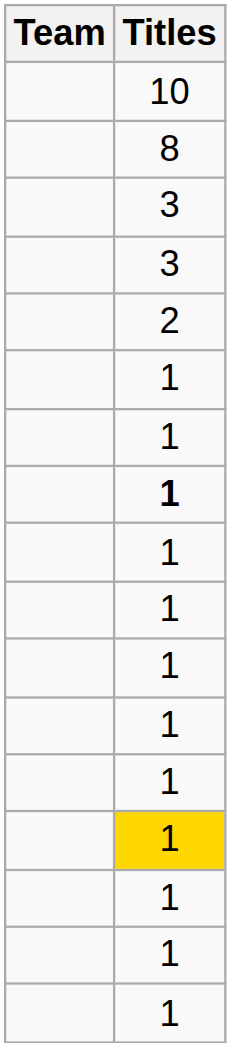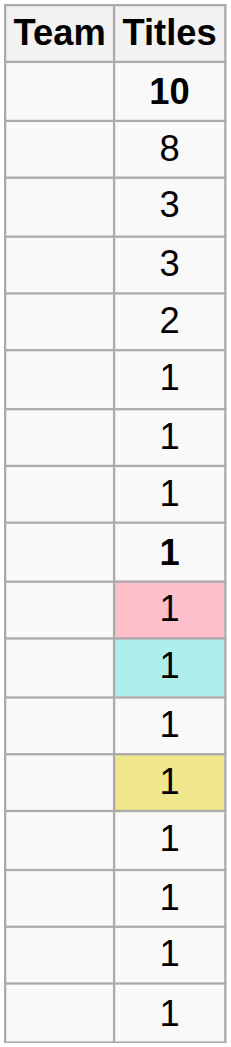 <table class="wikitable sortable" style="text-align:center">
 <tr>
 <th>Team</th>
 <th>Titles</th>
 </tr>
 <tr>
 <td style=><strong></strong></td>
-<td>10</td>
+<td><strong>10</strong></td>
 </tr>
 <tr>
 <td style=><strong></strong></td>
 <td>8</td>
 </tr>
 <tr>
 <td style=><strong></strong></td>
 <td>3</td>
 </tr>
 <tr>
 <td style=><strong></strong></td>
 <td>3</td>
 </tr>
 <tr>
 <td style=><strong></strong></td>
 <td>2</td>
 </tr>
 <tr>
 <td style=><strong></strong></td>
 <td>1</td>
 </tr>
 <tr>
 <td style=><strong></strong></td>
 <td>1</td>
 </tr>
 <tr>
 <td style=><strong></strong></td>
+<td>1</td>
+</tr>
+<tr>
+<td style=><strong></strong></td>
 <td><strong>1</strong></td>
+</tr>
+<tr>
+<td style=><strong></strong></td>
+<td style="background: pink;">1</td>
+</tr>
+<tr>
+<td style=><strong></strong></td>
+<td style="background: paleturquoise;">1</td>
+</tr>
+<tr>
+<td style=><strong></strong></td>
+<td>1</td>
+</tr>
+<tr>
+<td style=><strong></strong></td>
+<td style="background: khaki;">1</td>
 </tr>
 <tr>
 <td style=><strong></strong></td>
 <td>1</td>
 </tr>
 <tr>
 <td style=><strong></strong></td>
 <td>1</td>
 </tr>
 <tr>
 <td style=><strong></strong></td>
 <td>1</td>
 </tr>
 <tr>
 <td style=><strong></strong></td>
 <td>1</td>
 </tr>
-<tr>
-<td style=><strong></strong></td>
-<td>1</td>
-</tr>
-<tr>
-<td style=><strong></strong></td>
-<td style="background: gold;">1</td>
-</tr>
-<tr>
-<td style=><strong></strong></td>
-<td>1</td>
-</tr>
-<tr>
-<td style=><strong></strong></td>
-<td>1</td>
-</tr>
-<tr>
-<td style=><strong></strong></td>
-<td>1</td>
-</tr>
 </table>
